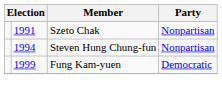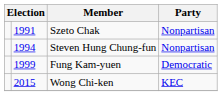 <table class="wikitable">
 <tr>
 <th colspan="2">Election</th>
 <th>Member</th>
 <th>Party</th>
 </tr>
 <tr>
 <td style="background-color:"></td>
 <td><a href='#'>1991</a></td>
 <td>Szeto Chak</td>
 <td><a href='#'>Nonpartisan</a></td>
 </tr>
 <tr>
 <td style="background-color:"></td>
 <td><a href='#'>1994</a></td>
 <td>Steven Hung Chung-fun</td>
 <td><a href='#'>Nonpartisan</a></td>
 </tr>
 <tr>
 <td style="background-color:"></td>
 <td><a href='#'>1999</a></td>
 <td>Fung Kam-yuen</td>
 <td><a href='#'>Democratic</a></td>
 </tr>
 <tr>
+<td style="background-color:"></td>
+<td><a href='#'>2015</a></td>
+<td>Wong Chi-ken</td>
+<td><a href='#'>KEC</a></td>
+</tr>
+<tr>
 </tr>
 </table>
